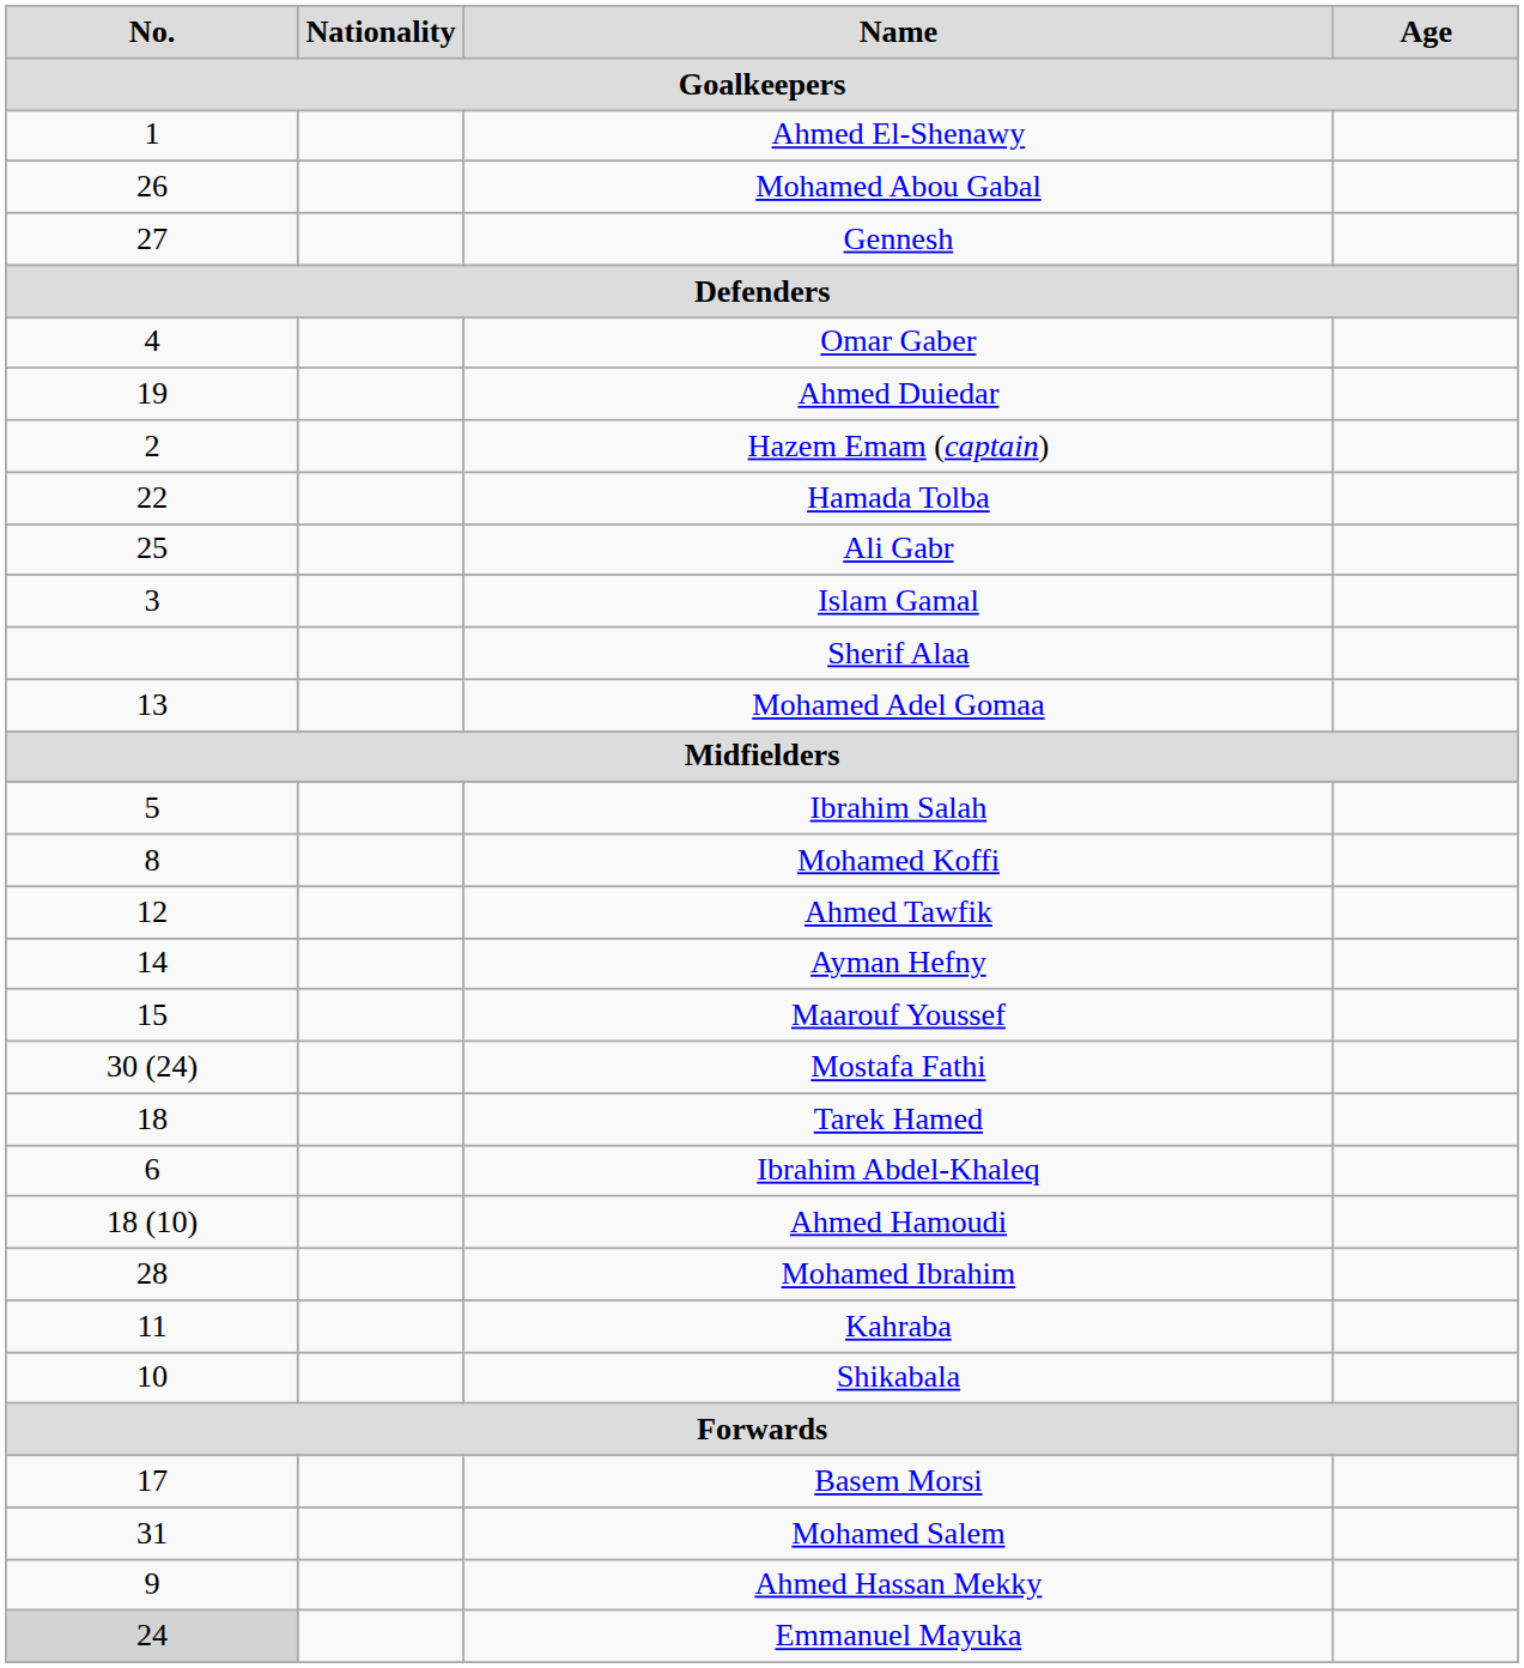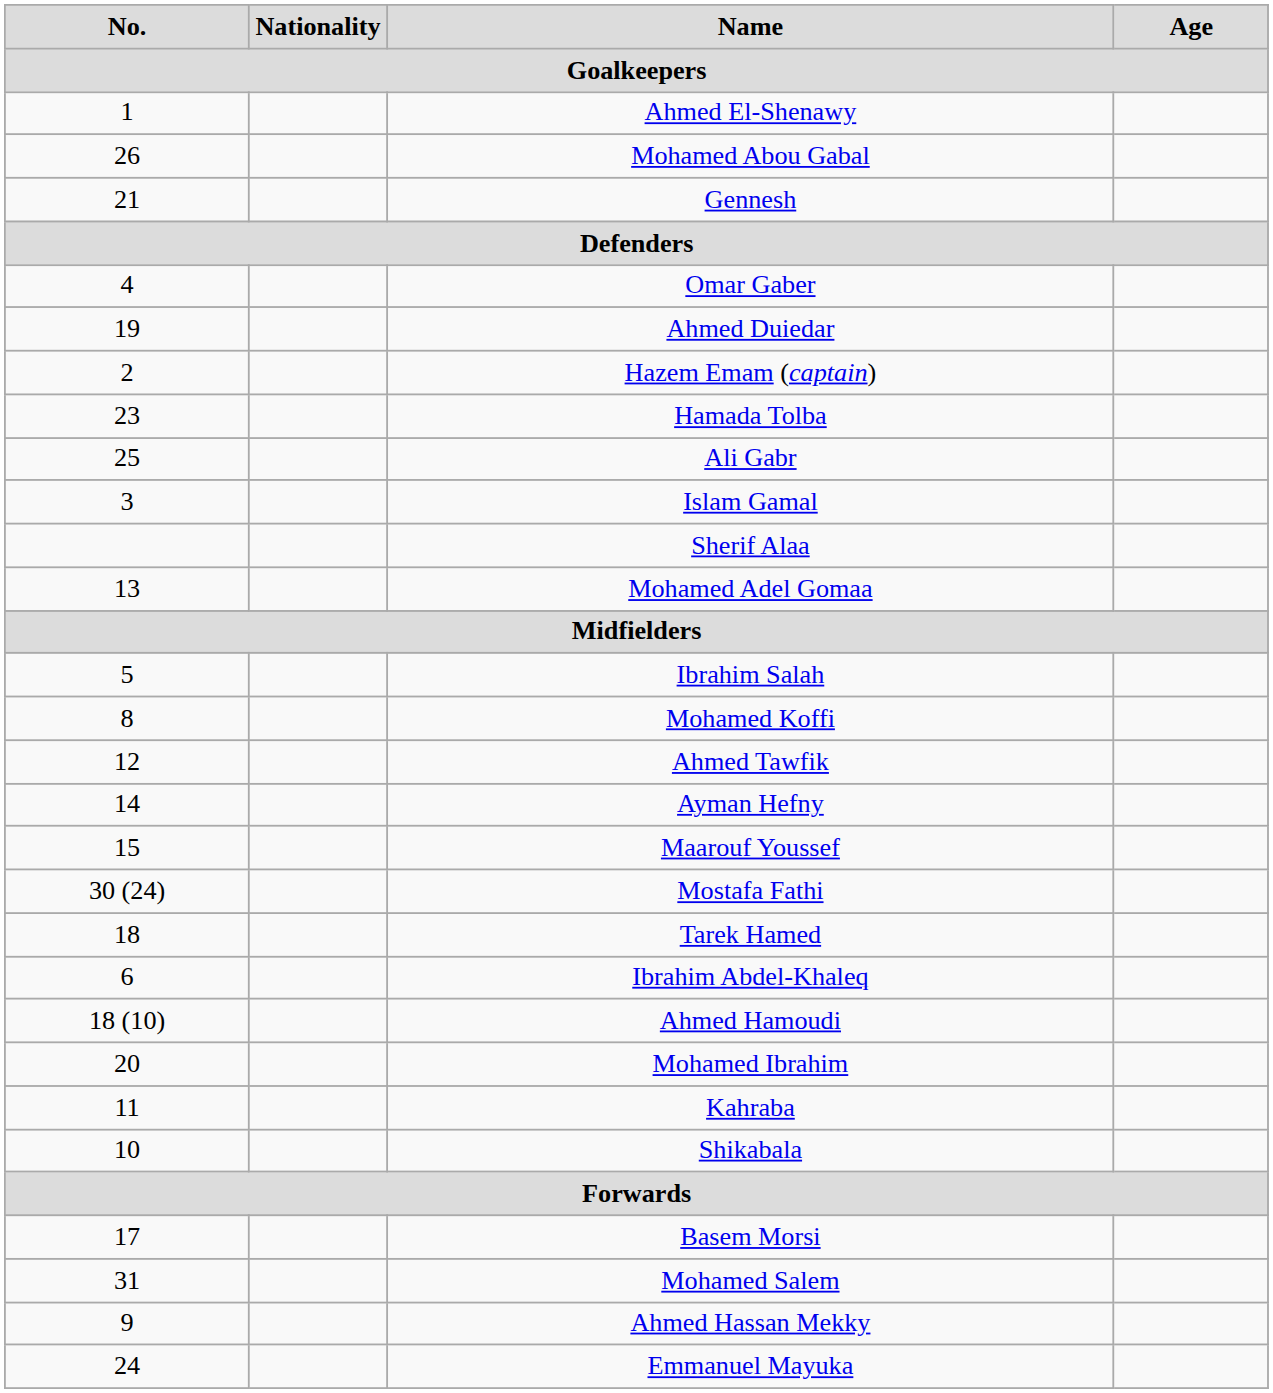 <table class="wikitable" style="text-align:center; font-size:90%; width:55%">
 <tr>
 <th style="background:#DCDCDC; color:black;">No.</th>
 <th style="background:#DCDCDC; color:black;" width=55;>Nationality</th>
 <th style="background:#DCDCDC; color:black;">Name</th>
 <th style="background:#DCDCDC; color:black;">Age</th>
 </tr>
 <tr>
 <th colspan="8" style="background:#DCDCDC;">Goalkeepers</th>
 </tr>
 <tr>
 <td>1</td>
 <td></td>
 <td><a href='#'>Ahmed El-Shenawy</a></td>
 <td></td>
 </tr>
 <tr>
 <td>26</td>
 <td></td>
 <td><a href='#'>Mohamed Abou Gabal</a></td>
 <td></td>
 </tr>
 <tr>
-<td>27</td>
+<td>21</td>
 <td></td>
 <td><a href='#'>Gennesh</a></td>
 <td></td>
 </tr>
 <tr>
 <th colspan="8" style="background:#DCDCDC;">Defenders</th>
 </tr>
 <tr>
 <td>4</td>
 <td></td>
 <td><a href='#'>Omar Gaber</a></td>
 <td></td>
 </tr>
 <tr>
 <td>19</td>
 <td></td>
 <td><a href='#'>Ahmed Duiedar</a></td>
 <td></td>
 </tr>
 <tr>
 <td>2</td>
 <td></td>
 <td><a href='#'>Hazem Emam</a> (<a href='#'><em>captain</em></a>)</td>
 <td></td>
 </tr>
 <tr>
-<td>22</td>
+<td>23</td>
 <td></td>
 <td><a href='#'>Hamada Tolba</a></td>
 <td></td>
 </tr>
 <tr>
 <td>25</td>
 <td></td>
 <td><a href='#'>Ali Gabr</a></td>
 <td></td>
 </tr>
 <tr>
 <td>3</td>
 <td></td>
 <td><a href='#'>Islam Gamal</a></td>
 <td></td>
 </tr>
 <tr>
 <td></td>
 <td></td>
 <td><a href='#'>Sherif Alaa</a></td>
 <td></td>
 </tr>
 <tr>
 <td>13</td>
 <td></td>
 <td><a href='#'>Mohamed Adel Gomaa</a></td>
 <td></td>
 </tr>
 <tr>
 <th colspan="8" style="background:#DCDCDC;">Midfielders</th>
 </tr>
 <tr>
 <td>5</td>
 <td></td>
 <td><a href='#'>Ibrahim Salah</a></td>
 <td></td>
 </tr>
 <tr>
 <td>8</td>
 <td></td>
 <td><a href='#'>Mohamed Koffi</a></td>
 <td></td>
 </tr>
 <tr>
 <td>12</td>
 <td></td>
 <td><a href='#'>Ahmed Tawfik</a></td>
 <td></td>
 </tr>
 <tr>
 <td>14</td>
 <td></td>
 <td><a href='#'>Ayman Hefny</a></td>
 <td></td>
 </tr>
 <tr>
 <td>15</td>
 <td></td>
 <td><a href='#'>Maarouf Youssef</a></td>
 <td></td>
 </tr>
 <tr>
 <td>30 (24)</td>
 <td></td>
 <td><a href='#'>Mostafa Fathi</a></td>
 <td></td>
 </tr>
 <tr>
 <td>18</td>
 <td></td>
 <td><a href='#'>Tarek Hamed</a></td>
 <td></td>
 </tr>
 <tr>
 <td>6</td>
 <td></td>
 <td><a href='#'>Ibrahim Abdel-Khaleq</a></td>
 <td></td>
 </tr>
 <tr>
 <td>18 (10)</td>
 <td></td>
 <td><a href='#'>Ahmed Hamoudi</a></td>
 <td></td>
 </tr>
 <tr>
-<td>28</td>
+<td>20</td>
 <td></td>
 <td><a href='#'>Mohamed Ibrahim</a></td>
 <td></td>
 </tr>
 <tr>
 <td>11</td>
 <td></td>
 <td><a href='#'>Kahraba</a></td>
 <td></td>
 </tr>
 <tr>
 <td>10</td>
 <td></td>
 <td><a href='#'>Shikabala</a></td>
 <td></td>
 </tr>
 <tr>
 <th colspan="8" style="background:#DCDCDC;">Forwards</th>
 </tr>
 <tr>
 <td>17</td>
 <td></td>
 <td><a href='#'>Basem Morsi</a></td>
 <td></td>
 </tr>
 <tr>
 <td>31</td>
 <td></td>
 <td><a href='#'>Mohamed Salem</a></td>
 <td></td>
 </tr>
 <tr>
 <td>9</td>
 <td></td>
 <td><a href='#'>Ahmed Hassan Mekky</a></td>
 <td></td>
 </tr>
 <tr>
-<td style="background: lightgrey;">24</td>
+<td>24</td>
 <td></td>
 <td><a href='#'>Emmanuel Mayuka</a></td>
 <td></td>
 </tr>
 </table>
